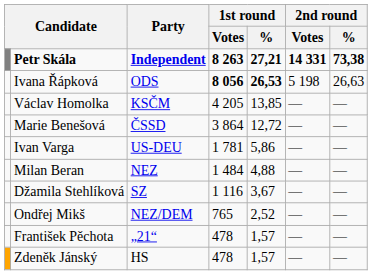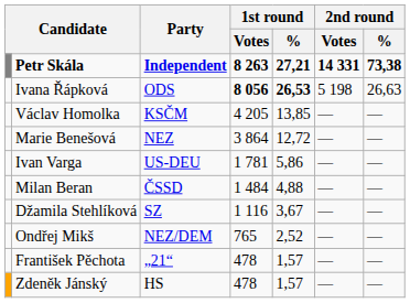 <table class="wikitable sortable">
 <tr>
 <th colspan="2" rowspan="2">Candidate</th>
 <th rowspan="2">Party</th>
 <th colspan="2">1st round</th>
 <th colspan="2">2nd round</th>
 </tr>
 <tr>
 <th>Votes</th>
 <th>%</th>
 <th>Votes</th>
 <th>%</th>
 </tr>
 <tr>
 <td style="background-color:gray;"></td>
 <td><strong>Petr Skála</strong></td>
 <td><a href='#'><strong>Independent</strong></a></td>
 <td><strong>8 263</strong></td>
 <td><strong>27,21</strong></td>
 <td><strong>14 331</strong></td>
 <td><strong>73,38</strong></td>
 </tr>
 <tr>
 <td style="background-color:"></td>
 <td>Ivana Řápková</td>
 <td><a href='#'>ODS</a></td>
 <td><strong>8 056</strong></td>
 <td><strong>26,53</strong></td>
 <td>5 198</td>
 <td>26,63</td>
 </tr>
 <tr>
 <td style="background-color:"></td>
 <td>Václav Homolka</td>
 <td><a href='#'>KSČM</a></td>
 <td>4 205</td>
 <td>13,85</td>
 <td>—</td>
 <td>—</td>
 </tr>
 <tr>
 <td style="background-color:"></td>
 <td>Marie Benešová</td>
-<td><a href='#'>ČSSD</a></td>
+<td><a href='#'>NEZ</a></td>
 <td>3 864</td>
 <td>12,72</td>
 <td>—</td>
 <td>—</td>
 </tr>
 <tr>
 <td style="background-color:"></td>
 <td>Ivan Varga</td>
 <td><a href='#'>US-DEU</a></td>
 <td>1 781</td>
 <td>5,86</td>
 <td>—</td>
 <td>—</td>
 </tr>
 <tr>
 <td style="background-color:"></td>
 <td>Milan Beran</td>
-<td><a href='#'>NEZ</a></td>
+<td><a href='#'>ČSSD</a></td>
 <td>1 484</td>
 <td>4,88</td>
 <td>—</td>
 <td>—</td>
 </tr>
 <tr>
 <td style="background-color:"></td>
 <td>Džamila Stehlíková</td>
 <td><a href='#'>SZ</a></td>
 <td>1 116</td>
 <td>3,67</td>
 <td>—</td>
 <td>—</td>
 </tr>
 <tr>
 <td style="background-color:"></td>
 <td>Ondřej Mikš</td>
 <td><a href='#'>NEZ/DEM</a></td>
 <td>765</td>
 <td>2,52</td>
 <td>—</td>
 <td>—</td>
 </tr>
 <tr>
 <td style="background-color:"></td>
 <td>František Pěchota</td>
 <td><a href='#'>„21“</a></td>
 <td>478</td>
 <td>1,57</td>
 <td>—</td>
 <td>—</td>
 </tr>
 <tr>
 <td style="background-color:orange;"></td>
 <td>Zdeněk Jánský</td>
 <td>HS</td>
 <td>478</td>
 <td>1,57</td>
 <td>—</td>
 <td>—</td>
 </tr>
 </table>
